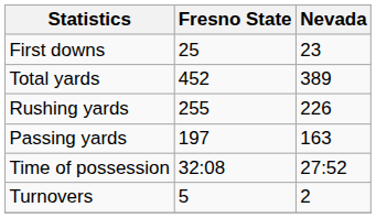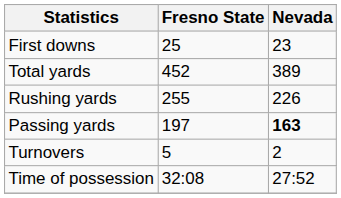 <table class="wikitable">
 <tr>
 <th>Statistics</th>
 <th>Fresno State</th>
 <th>Nevada</th>
 </tr>
 <tr>
 <td>First downs</td>
 <td>25</td>
 <td>23</td>
 </tr>
 <tr>
 <td>Total yards</td>
 <td>452</td>
 <td>389</td>
 </tr>
 <tr>
 <td>Rushing yards</td>
 <td>255</td>
 <td>226</td>
 </tr>
 <tr>
 <td>Passing yards</td>
 <td>197</td>
-<td>163</td>
+<td><strong>163</strong></td>
+</tr>
+<tr>
+<td>Turnovers</td>
+<td>5</td>
+<td>2</td>
 </tr>
 <tr>
 <td>Time of possession</td>
 <td>32:08</td>
 <td>27:52</td>
 </tr>
 <tr>
-<td>Turnovers</td>
-<td>5</td>
-<td>2</td>
-</tr>
-<tr>
 </tr>
 </table>
